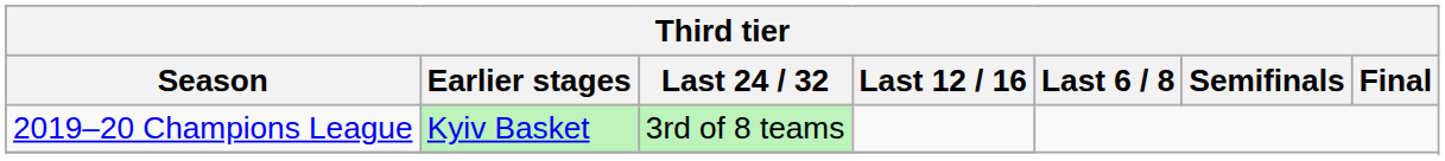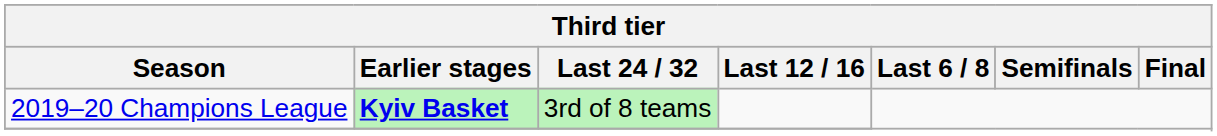 <table class="wikitable" style="font-size:90%">
 <tr>
 <th colspan=7>Third tier</th>
 </tr>
 <tr>
 <th>Season</th>
 <th>Earlier stages</th>
 <th>Last 24 / 32</th>
 <th>Last 12 / 16</th>
 <th>Last 6 / 8</th>
 <th>Semifinals</th>
 <th>Final</th>
 </tr>
 <tr>
 <td><a href='#'>2019–20 Champions League</a></td>
-<td bgcolor=BBF3BB> <a href='#'>Kyiv Basket</a></td>
+<td bgcolor=BBF3BB><strong> <a href='#'>Kyiv Basket</a></strong></td>
 <td bgcolor=#BBF3BB>3rd of 8 teams</td>
 <td></td>
 </tr>
 <tr>
 </tr>
 </table>
